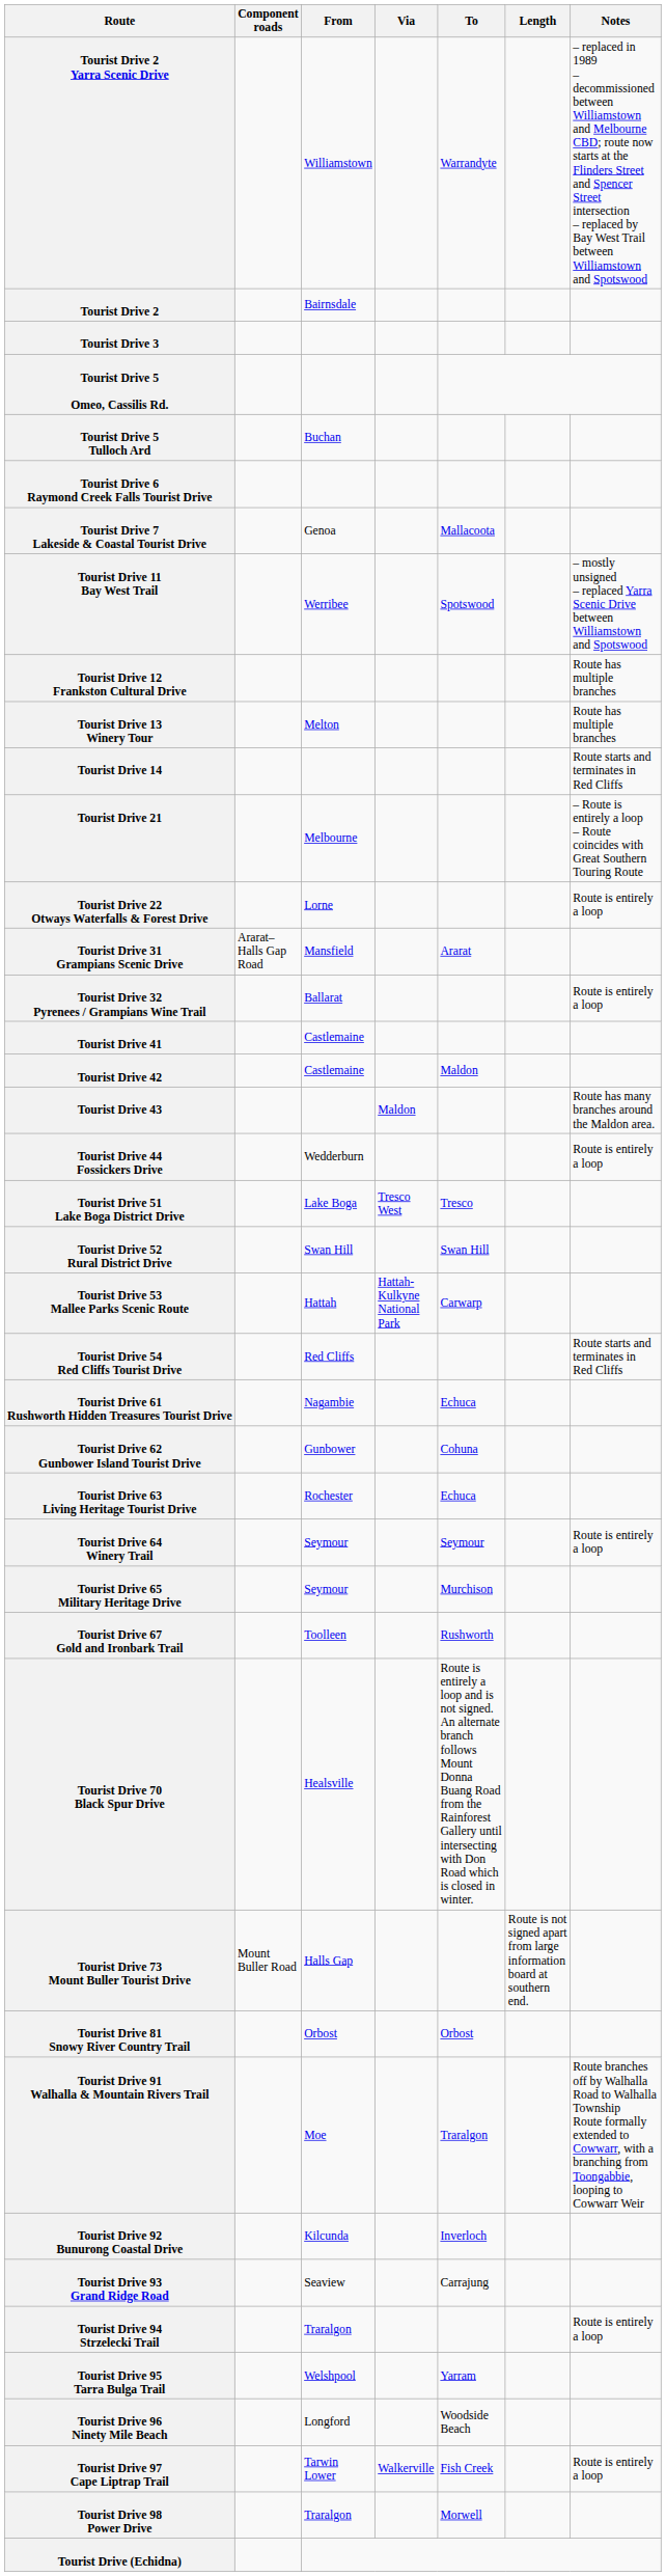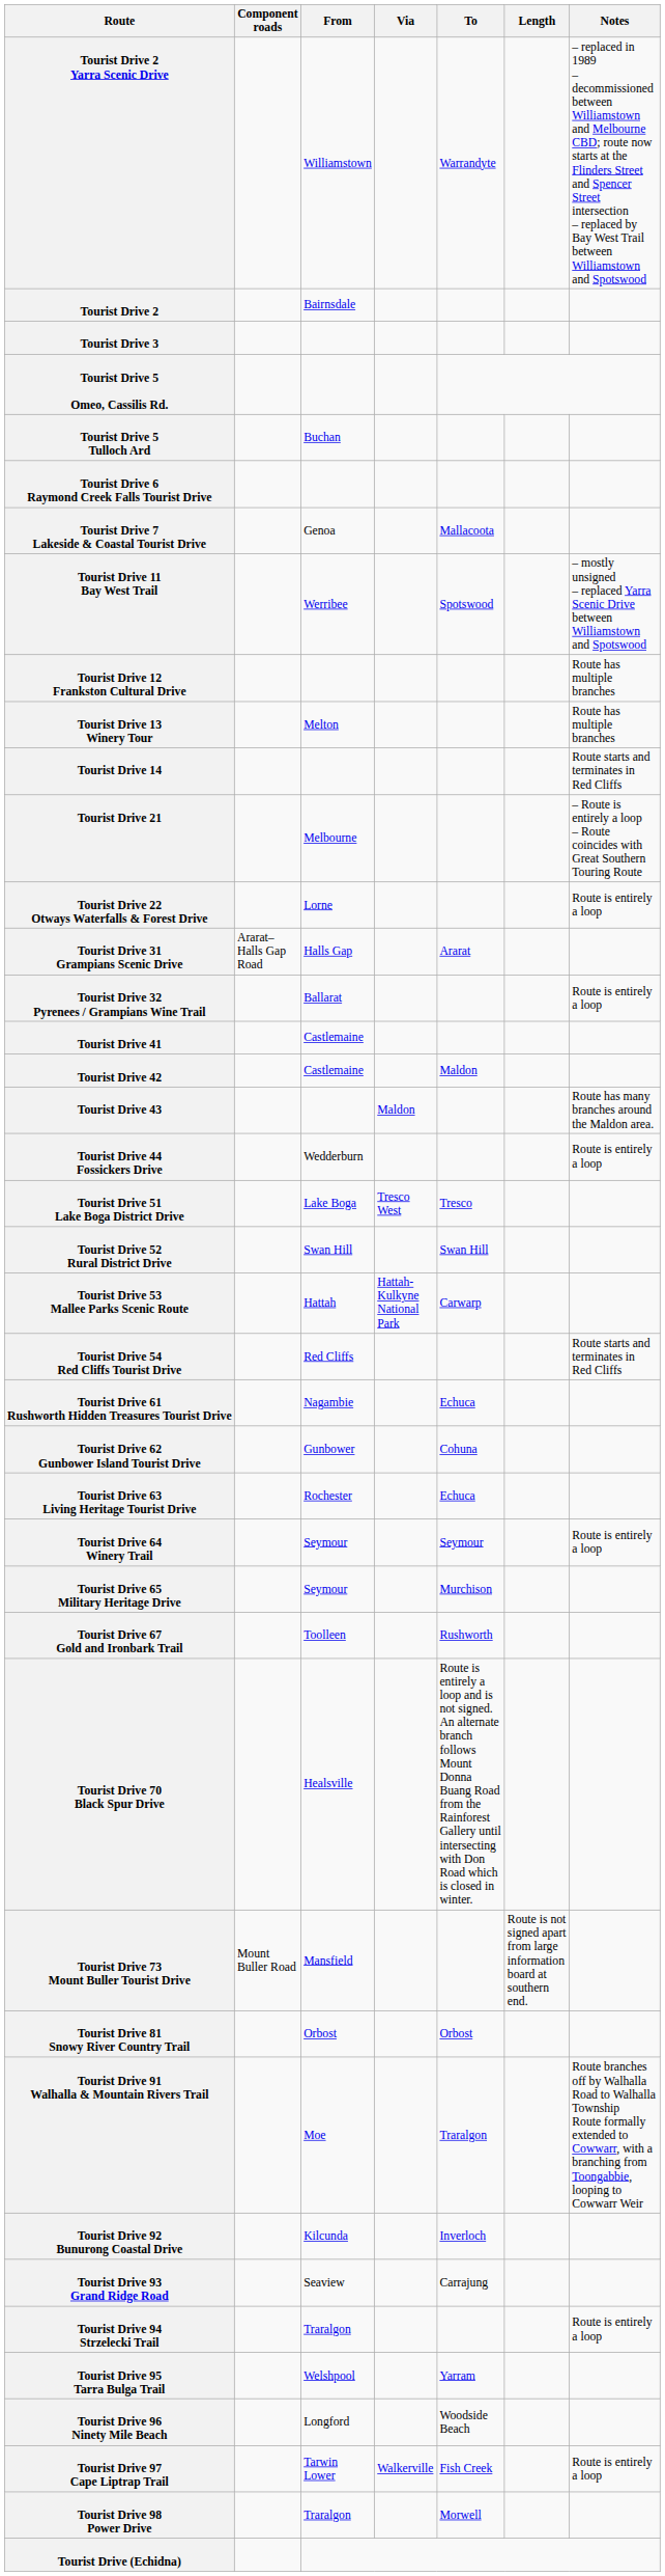 <table class="wikitable sortable">
 <tr>
 <th scope="col">Route</th>
 <th scope="col">Component roads</th>
 <th scope="col">From</th>
 <th scope="col">Via</th>
 <th scope="col">To</th>
 <th scope="col">Length</th>
 <th scope="col">Notes</th>
 </tr>
 <tr>
 <th style="vertical-align:top; white-space:nowrap;"><br>Tourist Drive 2<br><a href='#'>Yarra Scenic Drive</a></th>
 <td></td>
 <td><a href='#'>Williamstown</a></td>
 <td></td>
 <td><a href='#'>Warrandyte</a></td>
 <td></td>
 <td>– replaced  in 1989<br>– decommissioned between <a href='#'>Williamstown</a> and <a href='#'>Melbourne CBD</a>; route now starts at the  <a href='#'>Flinders Street</a> and  <a href='#'>Spencer Street</a> intersection<br>– replaced by  Bay West Trail between <a href='#'>Williamstown</a> and <a href='#'>Spotswood</a></td>
 </tr>
 <tr>
 <th style="vertical-align:top; white-space:nowrap;"><br>Tourist Drive 2<br></th>
 <td></td>
 <td><a href='#'>Bairnsdale</a></td>
 <td></td>
 <td></td>
 <td></td>
 <td></td>
 </tr>
 <tr>
 <th style="vertical-align:top; white-space:nowrap;"><br>Tourist Drive 3<br></th>
 <td></td>
 <td></td>
 <td></td>
 <td></td>
 <td></td>
 <td></td>
 </tr>
 <tr>
 <th style="vertical-align:top; white-space:nowrap;"><br>Tourist Drive 5<br><br>Omeo, Cassilis Rd.</th>
 <td></td>
 <td></td>
 <td></td>
 </tr>
 <tr>
 <th style="vertical-align:top; white-space:nowrap;"><br>Tourist Drive 5<br>Tulloch Ard<br></th>
 <td></td>
 <td><a href='#'>Buchan</a></td>
 <td></td>
 <td></td>
 <td></td>
 <td></td>
 </tr>
 <tr>
 <th style="vertical-align:top; white-space:nowrap;"><br>Tourist Drive 6<br>Raymond Creek Falls Tourist Drive<br></th>
 <td></td>
 <td></td>
 <td></td>
 <td></td>
 <td></td>
 <td></td>
 </tr>
 <tr>
 <th style="vertical-align:top; white-space:nowrap;"><br>Tourist Drive 7<br>Lakeside & Coastal Tourist Drive</th>
 <td></td>
 <td>Genoa</td>
 <td></td>
 <td><a href='#'>Mallacoota</a></td>
 <td></td>
 <td></td>
 </tr>
 <tr>
 <th style="vertical-align:top; white-space:nowrap;"><br>Tourist Drive 11<br>Bay West Trail<br></th>
 <td></td>
 <td><a href='#'>Werribee</a></td>
 <td></td>
 <td><a href='#'>Spotswood</a></td>
 <td></td>
 <td>– mostly unsigned<br>– replaced  <a href='#'>Yarra Scenic Drive</a> between <a href='#'>Williamstown</a> and <a href='#'>Spotswood</a></td>
 </tr>
 <tr>
 <th style="vertical-align:top; white-space:nowrap;"><br>Tourist Drive 12<br>Frankston Cultural Drive</th>
 <td></td>
 <td></td>
 <td></td>
 <td></td>
 <td></td>
 <td>Route has multiple branches</td>
 </tr>
 <tr>
 <th style="vertical-align:top; white-space:nowrap;"><br>Tourist Drive 13<br>Winery Tour<br></th>
 <td></td>
 <td><a href='#'>Melton</a></td>
 <td></td>
 <td></td>
 <td></td>
 <td>Route has multiple branches</td>
 </tr>
 <tr>
 <th style="vertical-align:top; white-space:nowrap;"><br>Tourist Drive 14<br></th>
 <td></td>
 <td></td>
 <td></td>
 <td></td>
 <td></td>
 <td>Route starts and terminates in Red Cliffs</td>
 </tr>
 <tr>
 <th style="vertical-align:top; white-space:nowrap;"><br>Tourist Drive 21<br></th>
 <td></td>
 <td><a href='#'>Melbourne</a></td>
 <td></td>
 <td></td>
 <td></td>
 <td>– Route is entirely a loop<br> – Route coincides with Great Southern Touring Route</td>
 </tr>
 <tr>
 <th style="vertical-align:top; white-space:nowrap;"><br>Tourist Drive 22<br>Otways Waterfalls & Forest Drive</th>
 <td></td>
 <td><a href='#'>Lorne</a></td>
 <td></td>
 <td></td>
 <td></td>
 <td>Route is entirely a loop</td>
 </tr>
 <tr>
 <th style="vertical-align:top; white-space:nowrap;"><br>Tourist Drive 31<br>Grampians Scenic Drive</th>
 <td>Ararat–Halls Gap Road</td>
-<td><a href='#'>Mansfield</a></td>
+<td><a href='#'>Halls Gap</a></td>
 <td></td>
 <td><a href='#'>Ararat</a></td>
 <td></td>
 <td></td>
 </tr>
 <tr>
 <th style="vertical-align:top; white-space:nowrap;"><br>Tourist Drive 32<br>Pyrenees / Grampians Wine Trail<br></th>
 <td></td>
 <td><a href='#'>Ballarat</a></td>
 <td></td>
 <td></td>
 <td></td>
 <td>Route is entirely a loop</td>
 </tr>
 <tr>
 <th style="vertical-align:top; white-space:nowrap;"><br>Tourist Drive 41<br></th>
 <td></td>
 <td><a href='#'>Castlemaine</a></td>
 <td></td>
 <td></td>
 <td></td>
 <td></td>
 </tr>
 <tr>
 <th style="vertical-align:top; white-space:nowrap;"><br>Tourist Drive 42<br></th>
 <td></td>
 <td><a href='#'>Castlemaine</a></td>
 <td></td>
 <td><a href='#'>Maldon</a></td>
 <td></td>
 <td></td>
 </tr>
 <tr>
 <th style="vertical-align:top; white-space:nowrap;"><br>Tourist Drive 43<br></th>
 <td></td>
 <td></td>
 <td><a href='#'>Maldon</a></td>
 <td></td>
 <td></td>
 <td>Route has many branches around the Maldon area.</td>
 </tr>
 <tr>
 <th style="vertical-align:top; white-space:nowrap;"><br>Tourist Drive 44<br>Fossickers Drive</th>
 <td></td>
 <td>Wedderburn</td>
 <td></td>
 <td></td>
 <td></td>
 <td>Route is entirely a loop</td>
 </tr>
 <tr>
 <th style="vertical-align:top; white-space:nowrap;"><br>Tourist Drive 51<br>Lake Boga District Drive<br></th>
 <td></td>
 <td><a href='#'>Lake Boga</a></td>
 <td><a href='#'>Tresco West</a></td>
 <td><a href='#'>Tresco</a></td>
 <td></td>
 <td></td>
 </tr>
 <tr>
 <th style="vertical-align:top; white-space:nowrap;"><br>Tourist Drive 52<br>Rural District Drive<br></th>
 <td></td>
 <td><a href='#'>Swan Hill</a></td>
 <td></td>
 <td><a href='#'>Swan Hill</a></td>
 <td></td>
 <td></td>
 </tr>
 <tr>
 <th style="vertical-align:top; white-space:nowrap;"><br>Tourist Drive 53<br>Mallee Parks Scenic Route<br></th>
 <td></td>
 <td><a href='#'>Hattah</a></td>
 <td><a href='#'>Hattah-Kulkyne National Park</a></td>
 <td><a href='#'>Carwarp</a></td>
 <td></td>
 <td></td>
 </tr>
 <tr>
 <th style="vertical-align:top; white-space:nowrap;"><br>Tourist Drive 54<br>Red Cliffs Tourist Drive<br></th>
 <td></td>
 <td><a href='#'>Red Cliffs</a></td>
 <td></td>
 <td></td>
 <td></td>
 <td>Route starts and terminates in Red Cliffs</td>
 </tr>
 <tr>
 <th style="vertical-align:top; white-space:nowrap;"><br>Tourist Drive 61<br>Rushworth Hidden Treasures Tourist Drive</th>
 <td></td>
 <td><a href='#'>Nagambie</a></td>
 <td></td>
 <td><a href='#'>Echuca</a></td>
 <td></td>
 <td></td>
 </tr>
 <tr>
 <th style="vertical-align:top; white-space:nowrap;"><br>Tourist Drive 62<br>Gunbower Island Tourist Drive</th>
 <td></td>
 <td><a href='#'>Gunbower</a></td>
 <td></td>
 <td><a href='#'>Cohuna</a></td>
 <td></td>
 <td></td>
 </tr>
 <tr>
 <th style="vertical-align:top; white-space:nowrap;"><br>Tourist Drive 63<br>Living Heritage Tourist Drive</th>
 <td></td>
 <td><a href='#'>Rochester</a></td>
 <td></td>
 <td><a href='#'>Echuca</a></td>
 <td></td>
 <td></td>
 </tr>
 <tr>
 <th style="vertical-align:top; white-space:nowrap;"><br>Tourist Drive 64<br>Winery Trail</th>
 <td></td>
 <td><a href='#'>Seymour</a></td>
 <td></td>
 <td><a href='#'>Seymour</a></td>
 <td></td>
 <td>Route is entirely a loop</td>
 </tr>
 <tr>
 <th style="vertical-align:top; white-space:nowrap;"><br>Tourist Drive 65<br>Military Heritage Drive</th>
 <td></td>
 <td><a href='#'>Seymour</a></td>
 <td></td>
 <td><a href='#'>Murchison</a></td>
 <td></td>
 <td></td>
 </tr>
 <tr>
 <th style="vertical-align:top; white-space:nowrap;"><br>Tourist Drive 67<br>Gold and Ironbark Trail</th>
 <td></td>
 <td><a href='#'>Toolleen</a></td>
 <td></td>
 <td><a href='#'>Rushworth</a></td>
 <td></td>
 <td></td>
 </tr>
 <tr>
 <th style=“vertical-align:top; white-space:nowrap;”><br><br>Tourist Drive 70<br>Black Spur Drive</th>
 <td></td>
 <td><a href='#'>Healsville</a></td>
 <td></td>
 <td>Route is entirely a loop and is not signed. An alternate branch follows Mount Donna Buang Road from the Rainforest Gallery until intersecting with Don Road which is closed in winter.</td>
 <td></td>
 <td></td>
 </tr>
 <tr>
 <th style=“vertical-align:top; white-space:nowrap;”><br><br>Tourist Drive 73<br> Mount Buller Tourist Drive</th>
 <td>Mount Buller Road</td>
-<td><a href='#'>Halls Gap</a></td>
+<td><a href='#'>Mansfield</a></td>
 <td></td>
 <td></td>
 <td>Route is not signed apart from large information board at southern end.</td>
 </tr>
 <tr>
 <th style="vertical-align:top; white-space:nowrap;"><br>Tourist Drive 81<br>Snowy River Country Trail<br></th>
 <td></td>
 <td><a href='#'>Orbost</a></td>
 <td></td>
 <td><a href='#'>Orbost</a></td>
 <td></td>
 <td></td>
 </tr>
 <tr>
 <th style="vertical-align:top; white-space:nowrap;"><br>Tourist Drive 91<br>Walhalla & Mountain Rivers Trail<br></th>
 <td></td>
 <td><a href='#'>Moe</a></td>
 <td></td>
 <td><a href='#'>Traralgon</a></td>
 <td></td>
 <td>Route branches off by Walhalla Road to Walhalla Township<br>Route formally extended to <a href='#'>Cowwarr</a>, with a branching from <a href='#'>Toongabbie</a>, looping to Cowwarr Weir</td>
 </tr>
 <tr>
 <th style="vertical-align:top; white-space:nowrap;"><br>Tourist Drive 92<br>Bunurong Coastal Drive</th>
 <td></td>
 <td><a href='#'>Kilcunda</a></td>
 <td></td>
 <td><a href='#'>Inverloch</a></td>
 <td></td>
 <td></td>
 </tr>
 <tr>
 <th style="vertical-align:top; white-space:nowrap;"><br>Tourist Drive 93<br><a href='#'>Grand Ridge Road</a></th>
 <td></td>
 <td>Seaview</td>
 <td></td>
 <td>Carrajung</td>
 <td></td>
 <td></td>
 </tr>
 <tr>
 <th style="vertical-align:top; white-space:nowrap;"><br>Tourist Drive 94<br>Strzelecki Trail<br></th>
 <td></td>
 <td><a href='#'>Traralgon</a></td>
 <td></td>
 <td></td>
 <td></td>
 <td>Route is entirely a loop</td>
 </tr>
 <tr>
 <th style="vertical-align:top; white-space:nowrap;"><br>Tourist Drive 95<br>Tarra Bulga Trail</th>
 <td></td>
 <td><a href='#'>Welshpool</a></td>
 <td></td>
 <td><a href='#'>Yarram</a></td>
 <td></td>
 <td></td>
 </tr>
 <tr>
 <th style="vertical-align:top; white-space:nowrap;"><br>Tourist Drive 96<br>Ninety Mile Beach</th>
 <td></td>
 <td>Longford</td>
 <td></td>
 <td>Woodside Beach</td>
 <td></td>
 <td></td>
 </tr>
 <tr>
 <th style="vertical-align:top; white-space:nowrap;"><br>Tourist Drive 97<br>Cape Liptrap Trail</th>
 <td></td>
 <td><a href='#'>Tarwin Lower</a></td>
 <td><a href='#'>Walkerville</a></td>
 <td><a href='#'>Fish Creek</a></td>
 <td></td>
 <td>Route is entirely a loop</td>
 </tr>
 <tr>
 <th style="vertical-align:top; white-space:nowrap;"><br>Tourist Drive 98<br>Power Drive<br></th>
 <td></td>
 <td><a href='#'>Traralgon</a></td>
 <td></td>
 <td><a href='#'>Morwell</a></td>
 <td></td>
 <td></td>
 </tr>
 <tr>
 <th style="vertical-align:top; white-space:nowrap;"><br>Tourist Drive (Echidna)<br></th>
 <td></td>
 </tr>
 </table>
